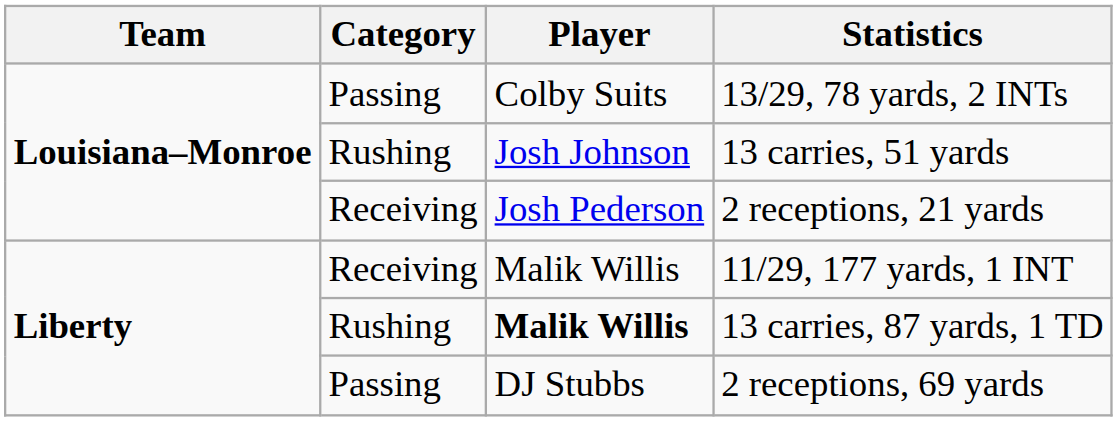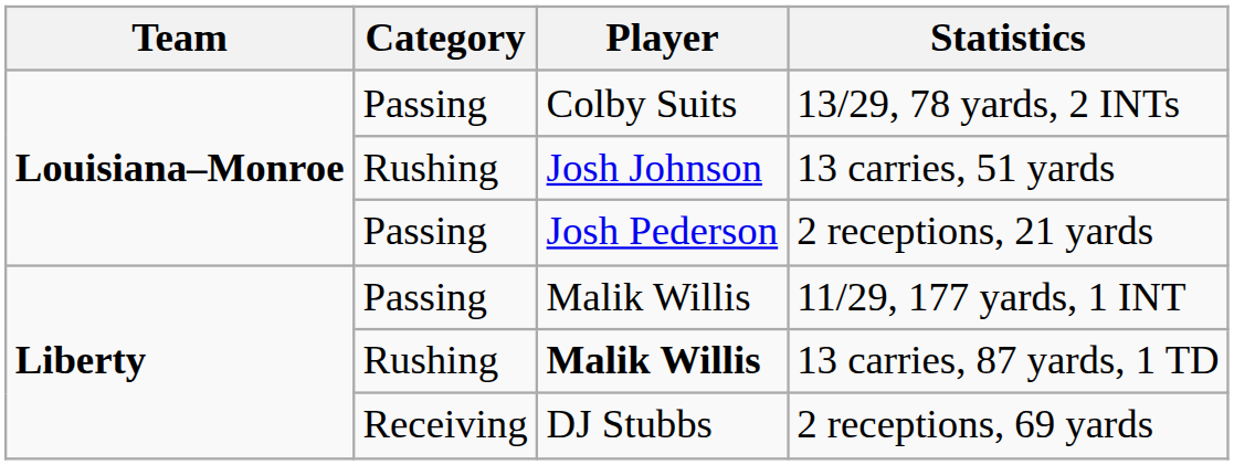 <table class="wikitable" style="float: left;">
 <tr>
 <th>Team</th>
 <th>Category</th>
 <th>Player</th>
 <th>Statistics</th>
 </tr>
 <tr>
 <td rowspan=3><strong>Louisiana–Monroe</strong></td>
 <td>Passing</td>
 <td>Colby Suits</td>
 <td>13/29, 78 yards, 2 INTs</td>
 </tr>
 <tr>
 <td>Rushing</td>
 <td><a href='#'>Josh Johnson</a></td>
 <td>13 carries, 51 yards</td>
 </tr>
 <tr>
-<td>Receiving</td>
+<td>Passing</td>
 <td><a href='#'>Josh Pederson</a></td>
 <td>2 receptions, 21 yards</td>
 </tr>
 <tr>
 <td rowspan=3><strong>Liberty</strong></td>
-<td>Receiving</td>
+<td>Passing</td>
 <td>Malik Willis</td>
 <td>11/29, 177 yards, 1 INT</td>
 </tr>
 <tr>
 <td>Rushing</td>
 <td><strong>Malik Willis</strong></td>
 <td>13 carries, 87 yards, 1 TD</td>
 </tr>
 <tr>
-<td>Passing</td>
+<td>Receiving</td>
 <td>DJ Stubbs</td>
 <td>2 receptions, 69 yards</td>
 </tr>
 </table>
